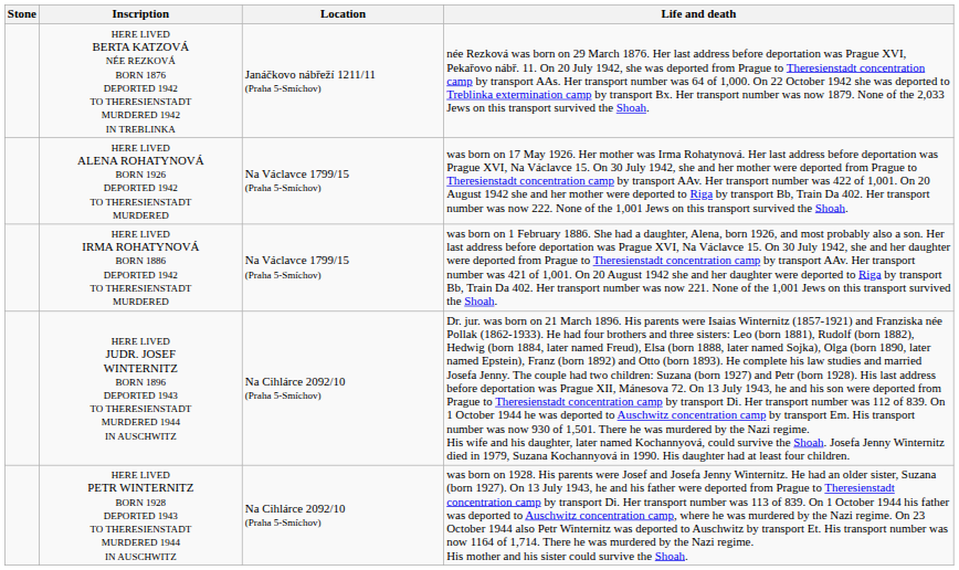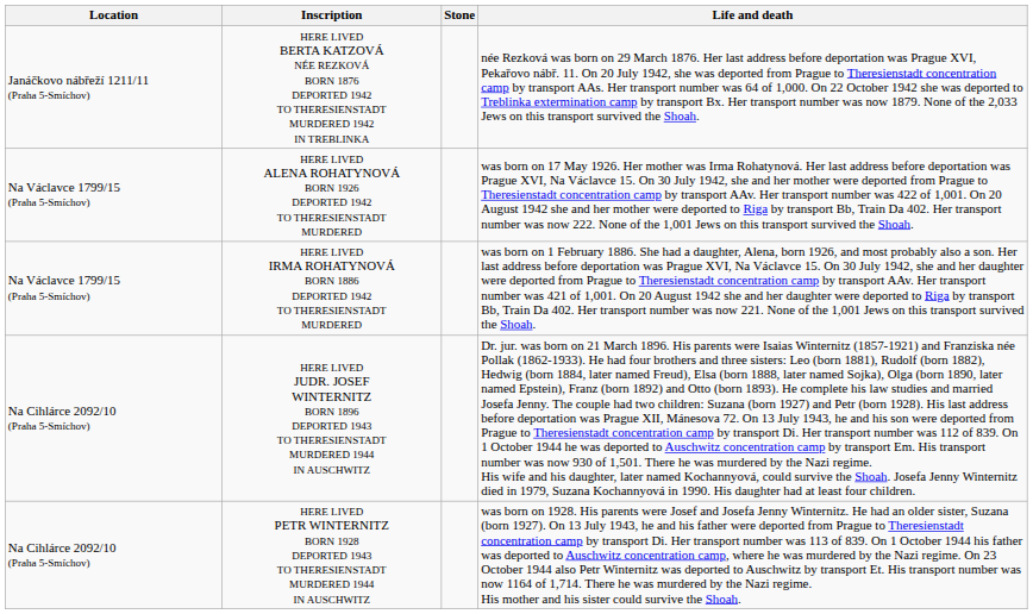 <table class="wikitable sortable toptextcells" style="width:100%">
 <tr>
+<th class="hintergrundfarbe6" data-sort-type="text" style ="width:22%;">Location</th>
+<th class="hintergrundfarbe6 unsortable" style ="width:22%;">Inscription</th>
 <th class="hintergrundfarbe6 unsortable" width="120px">Stone</th>
-<th class="hintergrundfarbe6 unsortable" style ="width:22%;">Inscription</th>
-<th class="hintergrundfarbe6" data-sort-type="text" style ="width:22%;">Location</th>
 <th class="hintergrundfarbe6" style="width:100%;">Life and death</th>
 </tr>
 <tr>
+<td>Janáčkovo nábřeží 1211/11<br><small>(Praha 5-Smíchov)</small></td>
+<td style="text-align:center"><div><small>HERE LIVED</small><br>BERTA KATZOVÁ<br><small>NÉE REZKOVÁ<br>BORN 1876<br>DEPORTED 1942<br>TO THERESIENSTADT<br>MURDERED 1942<br>IN TREBLINKA</small></div></td>
 <td></td>
-<td style="text-align:center"><div><small>HERE LIVED</small><br>BERTA KATZOVÁ<br><small>NÉE REZKOVÁ<br>BORN 1876<br>DEPORTED 1942<br>TO THERESIENSTADT<br>MURDERED 1942<br>IN TREBLINKA</small></div></td>
-<td>Janáčkovo nábřeží 1211/11<br><small>(Praha 5-Smíchov)</small></td>
 <td><strong></strong> née Rezková was born on 29 March 1876. Her last address before deportation was Prague XVI, Pekařovo nábř. 11. On 20 July 1942, she was deported from Prague to <a href='#'>Theresienstadt concentration camp</a> by transport AAs. Her transport number was 64 of 1,000. On 22 October 1942 she was deported to <a href='#'>Treblinka extermination camp</a> by transport Bx. Her transport number was now 1879. None of the 2,033 Jews on this transport survived the <a href='#'>Shoah</a>.</td>
 </tr>
 <tr>
+<td>Na Václavce 1799/15<br><small>(Praha 5-Smíchov)</small></td>
+<td style="text-align:center"><div><small>HERE LIVED</small><br>ALENA ROHATYNOVÁ<br><small>BORN 1926<br>DEPORTED 1942<br>TO THERESIENSTADT<br>MURDERED</small></div></td>
 <td></td>
-<td style="text-align:center"><div><small>HERE LIVED</small><br>ALENA ROHATYNOVÁ<br><small>BORN 1926<br>DEPORTED 1942<br>TO THERESIENSTADT<br>MURDERED</small></div></td>
-<td>Na Václavce 1799/15<br><small>(Praha 5-Smíchov)</small></td>
 <td><strong></strong> was born on 17 May 1926. Her mother was Irma Rohatynová. Her last address before deportation was Prague XVI, Na Václavce 15. On 30 July 1942, she and her mother were deported from Prague to <a href='#'>Theresienstadt concentration camp</a> by transport AAv. Her transport number was 422 of 1,001. On 20 August 1942 she and her mother were deported to <a href='#'>Riga</a> by transport Bb, Train Da 402. Her transport number was now 222. None of the 1,001 Jews on this transport survived the <a href='#'>Shoah</a>.</td>
 </tr>
 <tr>
+<td>Na Václavce 1799/15<br><small>(Praha 5-Smíchov)</small></td>
+<td style="text-align:center"><div><small>HERE LIVED</small><br>IRMA ROHATYNOVÁ<br><small>BORN 1886<br>DEPORTED 1942<br>TO THERESIENSTADT<br>MURDERED</small></div></td>
 <td></td>
-<td style="text-align:center"><div><small>HERE LIVED</small><br>IRMA ROHATYNOVÁ<br><small>BORN 1886<br>DEPORTED 1942<br>TO THERESIENSTADT<br>MURDERED</small></div></td>
-<td>Na Václavce 1799/15<br><small>(Praha 5-Smíchov)</small></td>
 <td><strong></strong> was born on 1 February 1886. She had a daughter, Alena, born 1926, and most probably also a son. Her last address before deportation was Prague XVI, Na Václavce 15. On 30 July 1942, she and her daughter were deported from Prague to <a href='#'>Theresienstadt concentration camp</a> by transport AAv. Her transport number was 421 of 1,001. On 20 August 1942 she and her daughter were deported to <a href='#'>Riga</a> by transport Bb, Train Da 402. Her transport number was now 221. None of the 1,001 Jews on this transport survived the <a href='#'>Shoah</a>.</td>
 </tr>
 <tr>
+<td>Na Cihlárce 2092/10<br><small>(Praha 5-Smíchov)</small></td>
+<td style="text-align:center"><div><small>HERE LIVED</small><br>JUDR. JOSEF<br>WINTERNITZ<br><small>BORN 1896<br>DEPORTED 1943<br>TO THERESIENSTADT<br>MURDERED 1944<br>IN AUSCHWITZ</small></div></td>
 <td></td>
-<td style="text-align:center"><div><small>HERE LIVED</small><br>JUDR. JOSEF<br>WINTERNITZ<br><small>BORN 1896<br>DEPORTED 1943<br>TO THERESIENSTADT<br>MURDERED 1944<br>IN AUSCHWITZ</small></div></td>
-<td>Na Cihlárce 2092/10<br><small>(Praha 5-Smíchov)</small></td>
 <td>Dr. jur. <strong></strong> was born on 21 March 1896. His parents were Isaias Winternitz (1857-1921) and Franziska née Pollak (1862-1933). He had four brothers and three sisters: Leo (born 1881), Rudolf (born 1882), Hedwig (born 1884, later named Freud), Elsa (born 1888, later named Sojka), Olga (born 1890, later named Epstein), Franz (born 1892) and Otto (born 1893). He complete his law studies and married Josefa Jenny. The couple had two children: Suzana (born 1927) and Petr (born 1928). His last address before deportation was Prague XII, Mánesova 72. On 13 July 1943, he and his son were deported from Prague to <a href='#'>Theresienstadt concentration camp</a> by transport Di. Her transport number was 112 of 839. On 1 October 1944 he was deported to <a href='#'>Auschwitz concentration camp</a> by transport Em. His transport number was now 930 of 1,501. There he was murdered by the Nazi regime.<br>His wife and his daughter, later named Kochannyová, could survive the <a href='#'>Shoah</a>. Josefa Jenny Winternitz died in 1979, Suzana Kochannyová in 1990. His daughter had at least four children.</td>
 </tr>
 <tr>
+<td>Na Cihlárce 2092/10<br><small>(Praha 5-Smíchov)</small></td>
+<td style="text-align:center"><div><small>HERE LIVED</small><br>PETR WINTERNITZ<br><small>BORN 1928<br>DEPORTED 1943<br>TO THERESIENSTADT<br>MURDERED 1944<br>IN AUSCHWITZ</small></div></td>
 <td></td>
-<td style="text-align:center"><div><small>HERE LIVED</small><br>PETR WINTERNITZ<br><small>BORN 1928<br>DEPORTED 1943<br>TO THERESIENSTADT<br>MURDERED 1944<br>IN AUSCHWITZ</small></div></td>
-<td>Na Cihlárce 2092/10<br><small>(Praha 5-Smíchov)</small></td>
 <td><strong></strong> was born on 1928. His parents were Josef and Josefa Jenny Winternitz. He had an older sister, Suzana (born 1927). On 13 July 1943, he and his father were deported from Prague to <a href='#'>Theresienstadt concentration camp</a> by transport Di. Her transport number was 113 of 839. On 1 October 1944 his father was deported to <a href='#'>Auschwitz concentration camp</a>, where he was murdered by the Nazi regime. On 23 October 1944 also Petr Winternitz was deported to Auschwitz by transport Et. His transport number was now 1164 of 1,714. There he was murdered by the Nazi regime.<br>His mother and his sister could survive the <a href='#'>Shoah</a>.</td>
 </tr>
 </table>
